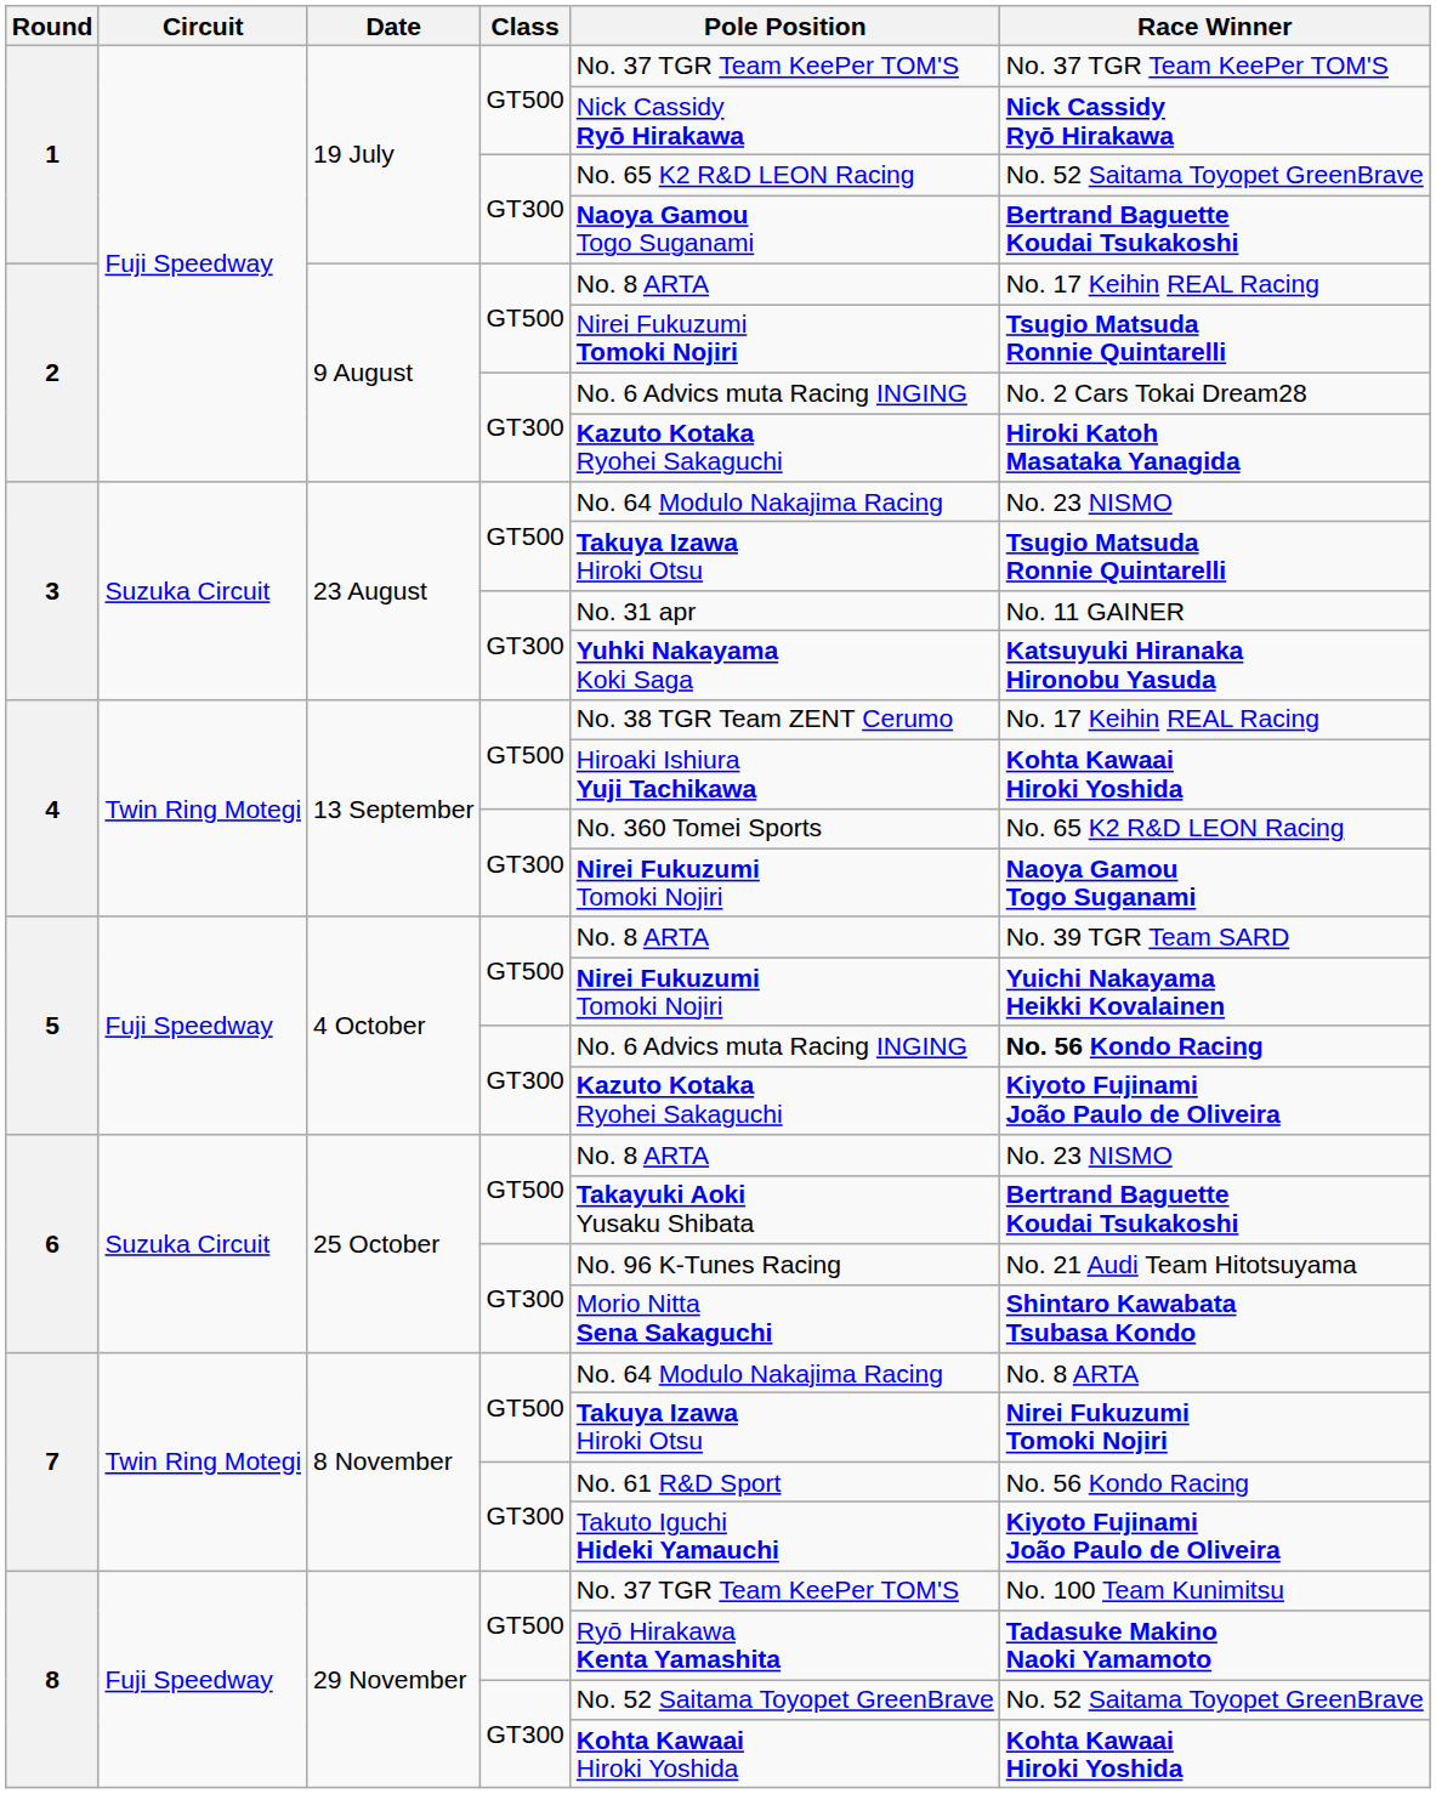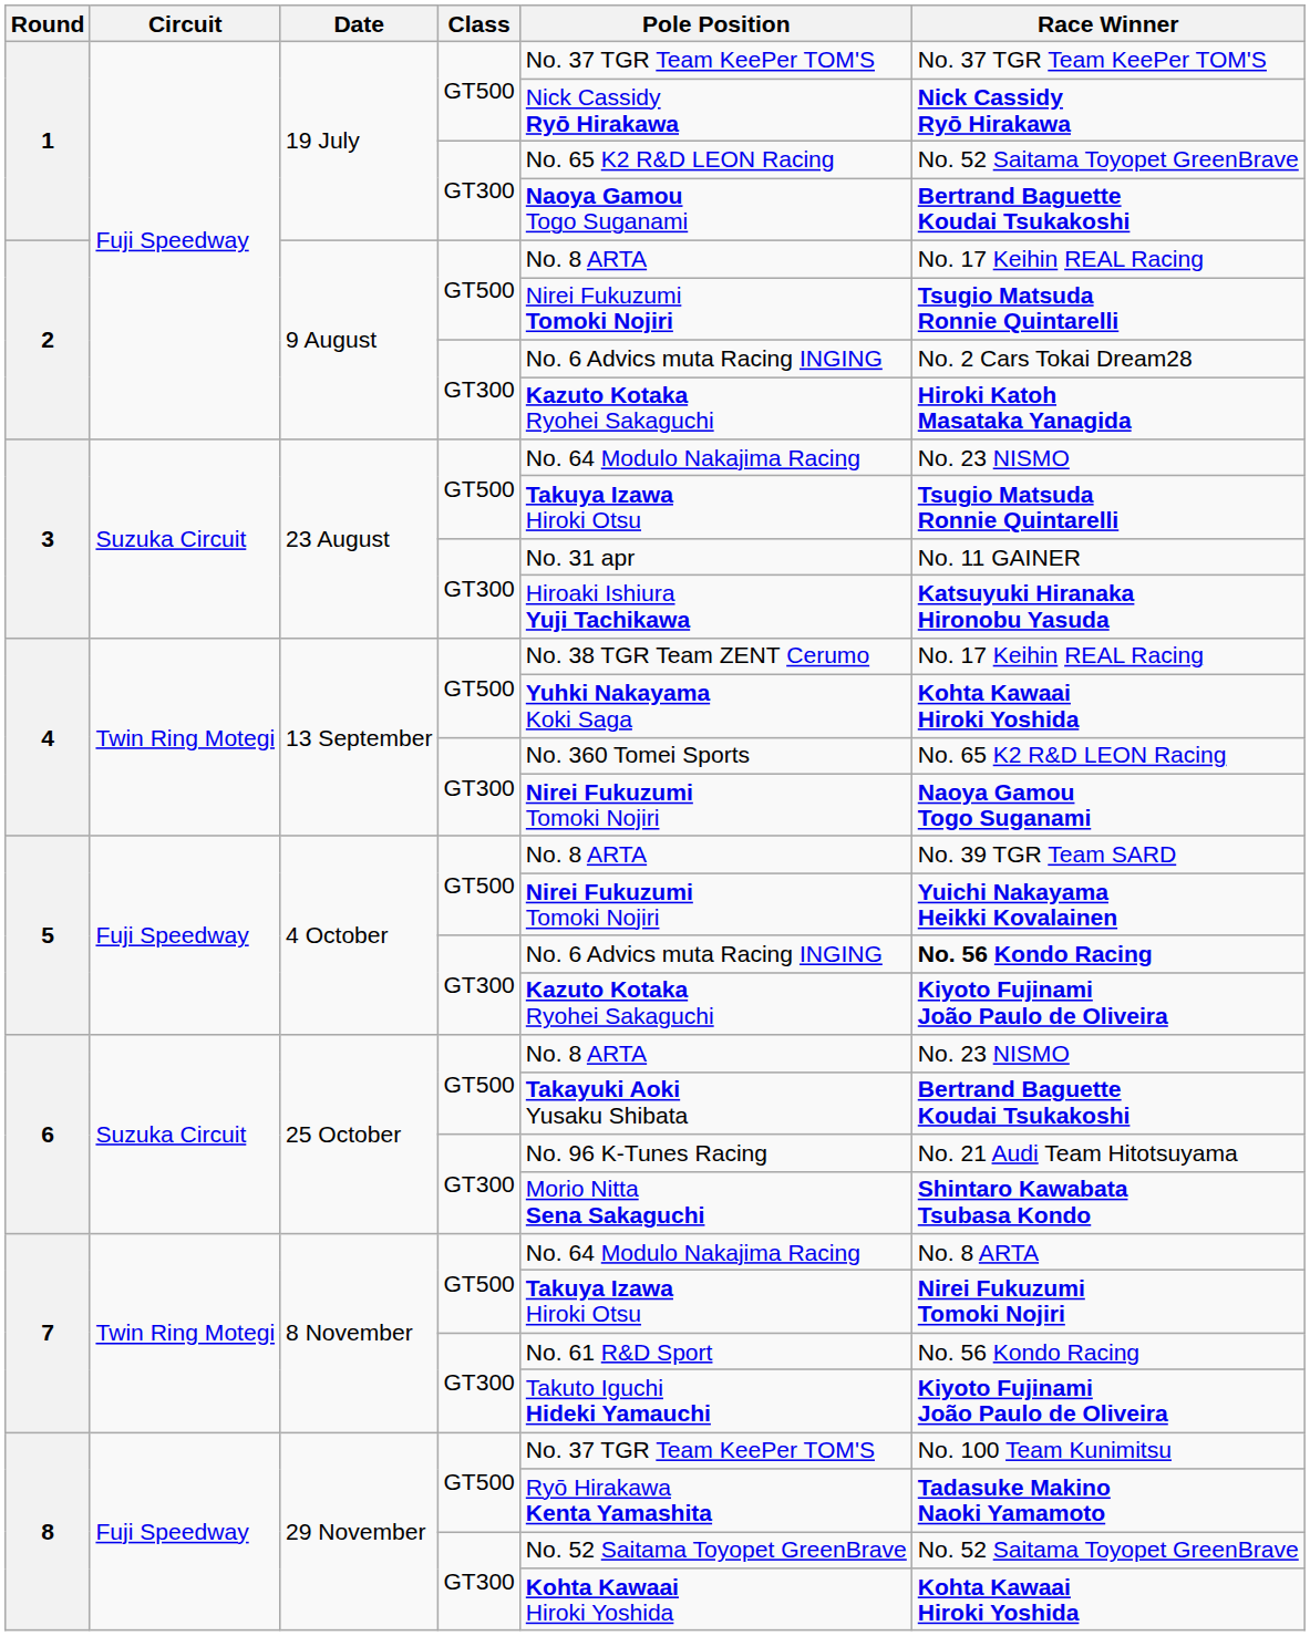 <table class="wikitable" style="font-size:85%;">
 <tr>
 <th>Round</th>
 <th>Circuit</th>
 <th>Date</th>
 <th>Class</th>
 <th>Pole Position</th>
 <th>Race Winner</th>
 </tr>
 <tr>
 <th rowspan="4">1</th>
 <td rowspan="8"> <a href='#'>Fuji Speedway</a></td>
 <td rowspan="4">19 July</td>
 <td rowspan="2">GT500</td>
 <td>No. 37 TGR <a href='#'>Team KeePer TOM'S</a></td>
 <td>No. 37 TGR <a href='#'>Team KeePer TOM'S</a></td>
 </tr>
 <tr>
 <td> <a href='#'>Nick Cassidy</a><br><strong> <a href='#'>Ryō Hirakawa</a></strong></td>
 <td><strong> <a href='#'>Nick Cassidy</a><br> <a href='#'>Ryō Hirakawa</a></strong></td>
 </tr>
 <tr>
 <td rowspan="2">GT300</td>
 <td>No. 65 <a href='#'>K2 R&D LEON Racing</a></td>
 <td>No. 52 <a href='#'>Saitama Toyopet GreenBrave</a></td>
 </tr>
 <tr>
 <td><strong> <a href='#'>Naoya Gamou</a></strong><br> <a href='#'>Togo Suganami</a></td>
 <td><strong> <a href='#'>Bertrand Baguette</a><br> <a href='#'>Koudai Tsukakoshi</a></strong></td>
 </tr>
 <tr>
 <th rowspan="4">2</th>
 <td rowspan="4">9 August</td>
 <td rowspan="2">GT500</td>
 <td>No. 8 <a href='#'>ARTA</a></td>
 <td>No. 17 <a href='#'>Keihin</a> <a href='#'>REAL Racing</a></td>
 </tr>
 <tr>
 <td> <a href='#'>Nirei Fukuzumi</a><br><strong> <a href='#'>Tomoki Nojiri</a></strong></td>
 <td><strong> <a href='#'>Tsugio Matsuda</a><br> <a href='#'>Ronnie Quintarelli</a></strong></td>
 </tr>
 <tr>
 <td rowspan="2">GT300</td>
 <td>No. 6 Advics muta Racing <a href='#'>INGING</a></td>
 <td>No. 2 Cars Tokai Dream28</td>
 </tr>
 <tr>
 <td><strong> <a href='#'>Kazuto Kotaka</a></strong><br> <a href='#'>Ryohei Sakaguchi</a></td>
 <td><strong> <a href='#'>Hiroki Katoh</a><br> <a href='#'>Masataka Yanagida</a></strong></td>
 </tr>
 <tr>
 <th rowspan="4">3</th>
 <td rowspan="4"> <a href='#'>Suzuka Circuit</a></td>
 <td rowspan="4">23 August</td>
 <td rowspan="2">GT500</td>
 <td>No. 64 <a href='#'>Modulo Nakajima Racing</a></td>
 <td>No. 23 <a href='#'>NISMO</a></td>
 </tr>
 <tr>
 <td><strong> <a href='#'>Takuya Izawa</a></strong><br> <a href='#'>Hiroki Otsu</a></td>
 <td><strong> <a href='#'>Tsugio Matsuda</a><br> <a href='#'>Ronnie Quintarelli</a></strong></td>
 </tr>
 <tr>
 <td rowspan="2">GT300</td>
 <td>No. 31 apr</td>
 <td>No. 11 GAINER</td>
 </tr>
 <tr>
-<td><strong> <a href='#'>Yuhki Nakayama</a></strong><br> <a href='#'>Koki Saga</a></td>
+<td> <a href='#'>Hiroaki Ishiura</a><br><strong> <a href='#'>Yuji Tachikawa</a></strong></td>
 <td><strong> <a href='#'>Katsuyuki Hiranaka</a><br> <a href='#'>Hironobu Yasuda</a></strong></td>
 </tr>
 <tr>
 <th rowspan="4">4</th>
 <td rowspan="4"> <a href='#'>Twin Ring Motegi</a></td>
 <td rowspan="4">13 September</td>
 <td rowspan="2">GT500</td>
 <td>No. 38 TGR Team ZENT <a href='#'>Cerumo</a></td>
 <td>No. 17 <a href='#'>Keihin</a> <a href='#'>REAL Racing</a></td>
 </tr>
 <tr>
-<td> <a href='#'>Hiroaki Ishiura</a><br><strong> <a href='#'>Yuji Tachikawa</a></strong></td>
+<td><strong> <a href='#'>Yuhki Nakayama</a></strong><br> <a href='#'>Koki Saga</a></td>
 <td><strong> <a href='#'>Kohta Kawaai</a><br> <a href='#'>Hiroki Yoshida</a></strong></td>
 </tr>
 <tr>
 <td rowspan="2">GT300</td>
 <td>No. 360 Tomei Sports</td>
 <td>No. 65 <a href='#'>K2 R&D LEON Racing</a></td>
 </tr>
 <tr>
 <td><strong> <a href='#'>Nirei Fukuzumi</a></strong><br> <a href='#'>Tomoki Nojiri</a></td>
 <td><strong> <a href='#'>Naoya Gamou</a><br> <a href='#'>Togo Suganami</a></strong></td>
 </tr>
 <tr>
 <th rowspan="4">5</th>
 <td rowspan="4"> <a href='#'>Fuji Speedway</a></td>
 <td rowspan="4">4 October</td>
 <td rowspan="2">GT500</td>
 <td>No. 8 <a href='#'>ARTA</a></td>
 <td>No. 39 TGR <a href='#'>Team SARD</a></td>
 </tr>
 <tr>
 <td><strong> <a href='#'>Nirei Fukuzumi</a></strong><br> <a href='#'>Tomoki Nojiri</a></td>
 <td><strong> <a href='#'>Yuichi Nakayama</a><br> <a href='#'>Heikki Kovalainen</a></strong></td>
 </tr>
 <tr>
 <td rowspan="2">GT300</td>
 <td>No. 6 Advics muta Racing <a href='#'>INGING</a></td>
 <td><strong>No. 56 <a href='#'>Kondo Racing</a></strong></td>
 </tr>
 <tr>
 <td><strong> <a href='#'>Kazuto Kotaka</a></strong><br> <a href='#'>Ryohei Sakaguchi</a></td>
 <td><strong> <a href='#'>Kiyoto Fujinami</a><br> <a href='#'>João Paulo de Oliveira</a></strong></td>
 </tr>
 <tr>
 <th rowspan="4">6</th>
 <td rowspan="4"> <a href='#'>Suzuka Circuit</a></td>
 <td rowspan="4">25 October</td>
 <td rowspan="2">GT500</td>
 <td>No. 8 <a href='#'>ARTA</a></td>
 <td>No. 23 <a href='#'>NISMO</a></td>
 </tr>
 <tr>
 <td><strong> <a href='#'>Takayuki Aoki</a></strong><br> Yusaku Shibata</td>
 <td><strong> <a href='#'>Bertrand Baguette</a><br> <a href='#'>Koudai Tsukakoshi</a></strong></td>
 </tr>
 <tr>
 <td rowspan="2">GT300</td>
 <td>No. 96 K-Tunes Racing</td>
 <td>No. 21 <a href='#'>Audi</a> Team Hitotsuyama</td>
 </tr>
 <tr>
 <td> <a href='#'>Morio Nitta</a><br><strong> <a href='#'>Sena Sakaguchi</a></strong></td>
 <td><strong> <a href='#'>Shintaro Kawabata</a><br> <a href='#'>Tsubasa Kondo</a></strong></td>
 </tr>
 <tr>
 <th rowspan="4">7</th>
 <td rowspan="4"> <a href='#'>Twin Ring Motegi</a></td>
 <td rowspan="4">8 November</td>
 <td rowspan="2">GT500</td>
 <td>No. 64 <a href='#'>Modulo Nakajima Racing</a></td>
 <td>No. 8 <a href='#'>ARTA</a></td>
 </tr>
 <tr>
 <td><strong> <a href='#'>Takuya Izawa</a></strong><br> <a href='#'>Hiroki Otsu</a></td>
 <td><strong> <a href='#'>Nirei Fukuzumi</a><br> <a href='#'>Tomoki Nojiri</a></strong></td>
 </tr>
 <tr>
 <td rowspan="2">GT300</td>
 <td>No. 61 <a href='#'>R&D Sport</a></td>
 <td>No. 56 <a href='#'>Kondo Racing</a></td>
 </tr>
 <tr>
 <td> <a href='#'>Takuto Iguchi</a><br><strong> <a href='#'>Hideki Yamauchi</a></strong></td>
 <td><strong> <a href='#'>Kiyoto Fujinami</a><br> <a href='#'>João Paulo de Oliveira</a></strong></td>
 </tr>
 <tr>
 <th rowspan="4">8</th>
 <td rowspan="4"> <a href='#'>Fuji Speedway</a></td>
 <td rowspan="4">29 November</td>
 <td rowspan="2">GT500</td>
 <td>No. 37 TGR <a href='#'>Team KeePer TOM'S</a></td>
 <td>No. 100 <a href='#'>Team Kunimitsu</a></td>
 </tr>
 <tr>
 <td> <a href='#'>Ryō Hirakawa</a><br><strong> <a href='#'>Kenta Yamashita</a></strong></td>
 <td><strong> <a href='#'>Tadasuke Makino</a><br> <a href='#'>Naoki Yamamoto</a></strong></td>
 </tr>
 <tr>
 <td rowspan="2">GT300</td>
 <td>No. 52 <a href='#'>Saitama Toyopet GreenBrave</a></td>
 <td>No. 52 <a href='#'>Saitama Toyopet GreenBrave</a></td>
 </tr>
 <tr>
 <td><strong> <a href='#'>Kohta Kawaai</a></strong><br> <a href='#'>Hiroki Yoshida</a></td>
 <td><strong> <a href='#'>Kohta Kawaai</a><br> <a href='#'>Hiroki Yoshida</a></strong></td>
 </tr>
 </table>
